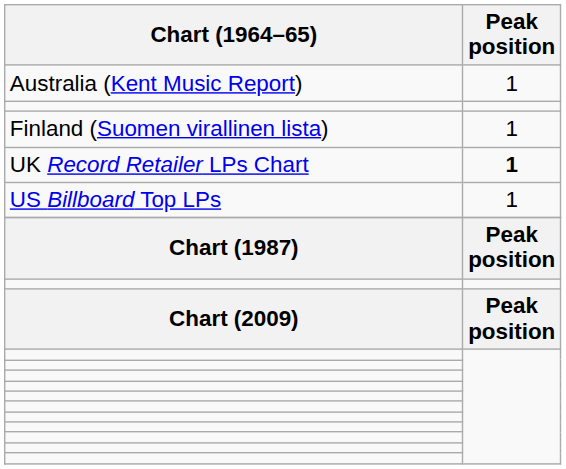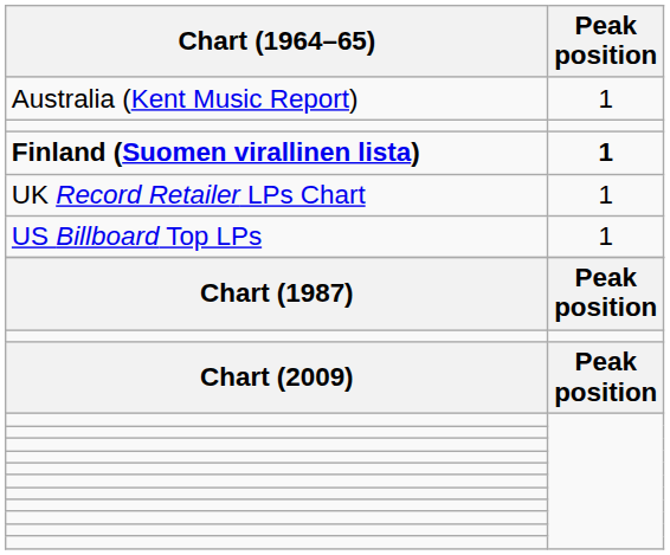 <table class="wikitable sortable">
 <tr>
 <th style="width:20em;">Chart (1964–65)</th>
 <th>Peak<br>position</th>
 </tr>
 <tr>
 <td>Australia (<a href='#'>Kent Music Report</a>)</td>
 <td align="center">1</td>
 </tr>
 <tr>
 <td></td>
 </tr>
 <tr>
-<td>Finland (<a href='#'>Suomen virallinen lista</a>)</td>
-<td align="center">1</td>
+<td><strong>Finland (<a href='#'>Suomen virallinen lista</a>)</strong></td>
+<td align="center"><strong>1</strong></td>
 </tr>
 <tr>
 <td align="left">UK <a href='#'><em>Record Retailer</em> LPs Chart</a></td>
-<td align="center"><strong>1</strong></td>
+<td align="center">1</td>
 </tr>
 <tr>
 <td align="left"><a href='#'>US <em>Billboard</em> Top LPs</a></td>
 <td align="center">1</td>
 </tr>
 <tr>
 </tr>
 <tr>
 <th style="width:20em;">Chart (1987)</th>
 <th>Peak<br>position</th>
 </tr>
 <tr>
 <td></td>
 </tr>
 <tr>
 <th style="width:20em;">Chart (2009)</th>
 <th>Peak<br>position</th>
 </tr>
 <tr>
 <td></td>
 </tr>
 <tr>
 <td></td>
 </tr>
 <tr>
 <td></td>
 </tr>
 <tr>
 <td></td>
 </tr>
 <tr>
 <td></td>
 </tr>
 <tr>
 <td></td>
 </tr>
 <tr>
 <td></td>
 </tr>
 <tr>
 <td></td>
 </tr>
 <tr>
 <td></td>
 </tr>
 <tr>
 <td></td>
 </tr>
 <tr>
 <td></td>
 </tr>
 </table>
